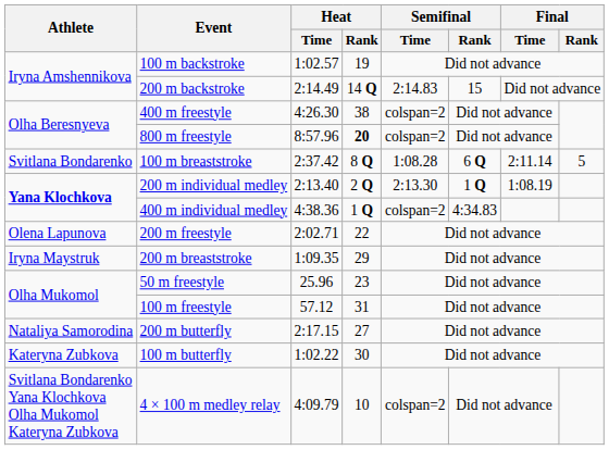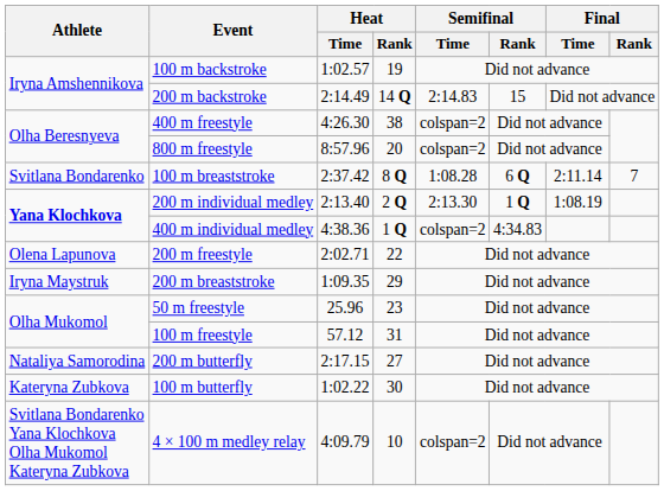 <table class=wikitable style="font-size:90%">
 <tr>
 <th rowspan="2">Athlete</th>
 <th rowspan="2">Event</th>
 <th colspan="2">Heat</th>
 <th colspan="2">Semifinal</th>
 <th colspan="2">Final</th>
 </tr>
 <tr style="font-size:95%">
 <th>Time</th>
 <th>Rank</th>
 <th>Time</th>
 <th>Rank</th>
 <th>Time</th>
 <th>Rank</th>
 </tr>
 <tr align=center>
 <td align=left rowspan=2><a href='#'>Iryna Amshennikova</a></td>
 <td align=left><a href='#'>100 m backstroke</a></td>
 <td>1:02.57</td>
 <td>19</td>
 <td colspan=4>Did not advance</td>
 </tr>
 <tr align=center>
 <td align=left><a href='#'>200 m backstroke</a></td>
 <td>2:14.49</td>
 <td>14 <strong>Q</strong></td>
 <td>2:14.83</td>
 <td>15</td>
 <td colspan=2>Did not advance</td>
 </tr>
 <tr align=center>
 <td align=left rowspan=2><a href='#'>Olha Beresnyeva</a></td>
 <td align=left><a href='#'>400 m freestyle</a></td>
 <td>4:26.30</td>
 <td>38</td>
 <td>colspan=2 </td>
 <td colspan=2>Did not advance</td>
 </tr>
 <tr align=center>
 <td align=left><a href='#'>800 m freestyle</a></td>
 <td>8:57.96</td>
-<td><strong>20</strong></td>
+<td>20</td>
 <td>colspan=2 </td>
 <td colspan=2>Did not advance</td>
 </tr>
 <tr align=center>
 <td align=left><a href='#'>Svitlana Bondarenko</a></td>
 <td align=left><a href='#'>100 m breaststroke</a></td>
 <td>2:37.42</td>
 <td>8 <strong>Q</strong></td>
 <td>1:08.28</td>
 <td>6 <strong>Q</strong></td>
 <td>2:11.14</td>
-<td>5</td>
+<td>7</td>
 </tr>
 <tr align=center>
 <td align=left rowspan=2><strong><a href='#'>Yana Klochkova</a></strong></td>
 <td align=left><a href='#'>200 m individual medley</a></td>
 <td>2:13.40</td>
 <td>2 <strong>Q</strong></td>
 <td>2:13.30</td>
 <td>1 <strong>Q</strong></td>
 <td>1:08.19</td>
 <td></td>
 </tr>
 <tr align=center>
 <td align=left><a href='#'>400 m individual medley</a></td>
 <td>4:38.36</td>
 <td>1 <strong>Q</strong></td>
 <td>colspan=2 </td>
 <td>4:34.83</td>
 <td></td>
 </tr>
 <tr align=center>
 <td align=left><a href='#'>Olena Lapunova</a></td>
 <td align=left><a href='#'>200 m freestyle</a></td>
 <td>2:02.71</td>
 <td>22</td>
 <td colspan=4>Did not advance</td>
 </tr>
 <tr align=center>
 <td align=left><a href='#'>Iryna Maystruk</a></td>
 <td align=left><a href='#'>200 m breaststroke</a></td>
 <td>1:09.35</td>
 <td>29</td>
 <td colspan=4>Did not advance</td>
 </tr>
 <tr align=center>
 <td align=left rowspan=2><a href='#'>Olha Mukomol</a></td>
 <td align=left><a href='#'>50 m freestyle</a></td>
 <td>25.96</td>
 <td>23</td>
 <td colspan=4>Did not advance</td>
 </tr>
 <tr align=center>
 <td align=left><a href='#'>100 m freestyle</a></td>
 <td>57.12</td>
 <td>31</td>
 <td colspan=4>Did not advance</td>
 </tr>
 <tr align=center>
 <td align=left><a href='#'>Nataliya Samorodina</a></td>
 <td align=left><a href='#'>200 m butterfly</a></td>
 <td>2:17.15</td>
 <td>27</td>
 <td colspan=4>Did not advance</td>
 </tr>
 <tr align=center>
 <td align=left><a href='#'>Kateryna Zubkova</a></td>
 <td align=left><a href='#'>100 m butterfly</a></td>
 <td>1:02.22</td>
 <td>30</td>
 <td colspan=4>Did not advance</td>
 </tr>
 <tr align=center>
 <td align=left><a href='#'>Svitlana Bondarenko</a><br><a href='#'>Yana Klochkova</a><br><a href='#'>Olha Mukomol</a><br><a href='#'>Kateryna Zubkova</a></td>
 <td align=left><a href='#'>4 × 100 m medley relay</a></td>
 <td>4:09.79</td>
 <td>10</td>
 <td>colspan=2 </td>
 <td colspan=2>Did not advance</td>
 </tr>
 </table>
